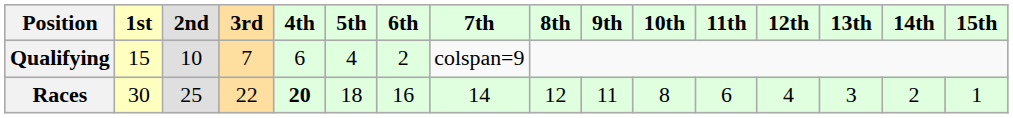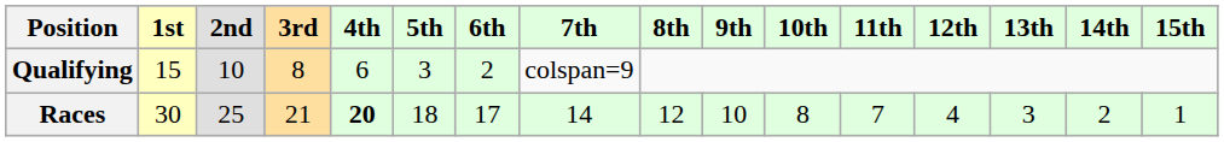 <table class="wikitable" style="font-size:85%; text-align:center">
 <tr>
 <th>Position</th>
 <td style="background:#ffffbf;"> <strong>1st</strong> </td>
 <td style="background:#dfdfdf;"> <strong>2nd</strong> </td>
 <td style="background:#ffdf9f;"> <strong>3rd</strong> </td>
 <td style="background:#dfffdf;"> <strong>4th</strong> </td>
 <td style="background:#dfffdf;"> <strong>5th</strong> </td>
 <td style="background:#dfffdf;"> <strong>6th</strong> </td>
 <td style="background:#dfffdf;"> <strong>7th</strong> </td>
 <td style="background:#dfffdf;"> <strong>8th</strong> </td>
 <td style="background:#dfffdf;"> <strong>9th</strong> </td>
 <td style="background:#dfffdf;"> <strong>10th</strong> </td>
 <td style="background:#dfffdf;"> <strong>11th</strong> </td>
 <td style="background:#dfffdf;"> <strong>12th</strong> </td>
 <td style="background:#dfffdf;"> <strong>13th</strong> </td>
 <td style="background:#dfffdf;"> <strong>14th</strong> </td>
 <td style="background:#dfffdf;"> <strong>15th</strong> </td>
 </tr>
 <tr>
 <th>Qualifying</th>
 <td style="background:#ffffbf;">15</td>
 <td style="background:#dfdfdf;">10</td>
-<td style="background:#ffdf9f;">7</td>
+<td style="background:#ffdf9f;">8</td>
 <td style="background:#dfffdf;">6</td>
-<td style="background:#dfffdf;">4</td>
+<td style="background:#dfffdf;">3</td>
 <td style="background:#dfffdf;">2</td>
 <td>colspan=9 </td>
 </tr>
 <tr>
 <th>Races</th>
 <td style="background:#ffffbf;">30</td>
 <td style="background:#dfdfdf;">25</td>
-<td style="background:#ffdf9f;">22</td>
+<td style="background:#ffdf9f;">21</td>
 <td style="background:#dfffdf;"><strong>20</strong></td>
 <td style="background:#dfffdf;">18</td>
-<td style="background:#dfffdf;">16</td>
+<td style="background:#dfffdf;">17</td>
 <td style="background:#dfffdf;">14</td>
 <td style="background:#dfffdf;">12</td>
-<td style="background:#dfffdf;">11</td>
+<td style="background:#dfffdf;">10</td>
 <td style="background:#dfffdf;">8</td>
-<td style="background:#dfffdf;">6</td>
+<td style="background:#dfffdf;">7</td>
 <td style="background:#dfffdf;">4</td>
 <td style="background:#dfffdf;">3</td>
 <td style="background:#dfffdf;">2</td>
 <td style="background:#dfffdf;">1</td>
 </tr>
 </table>
